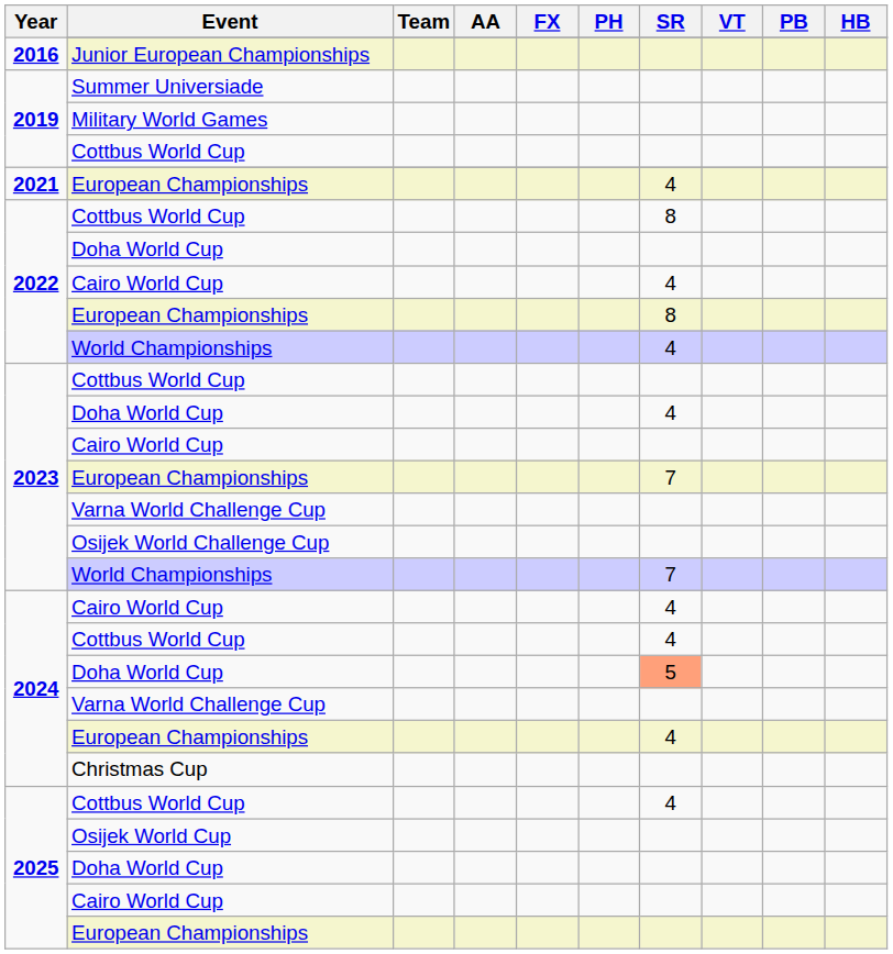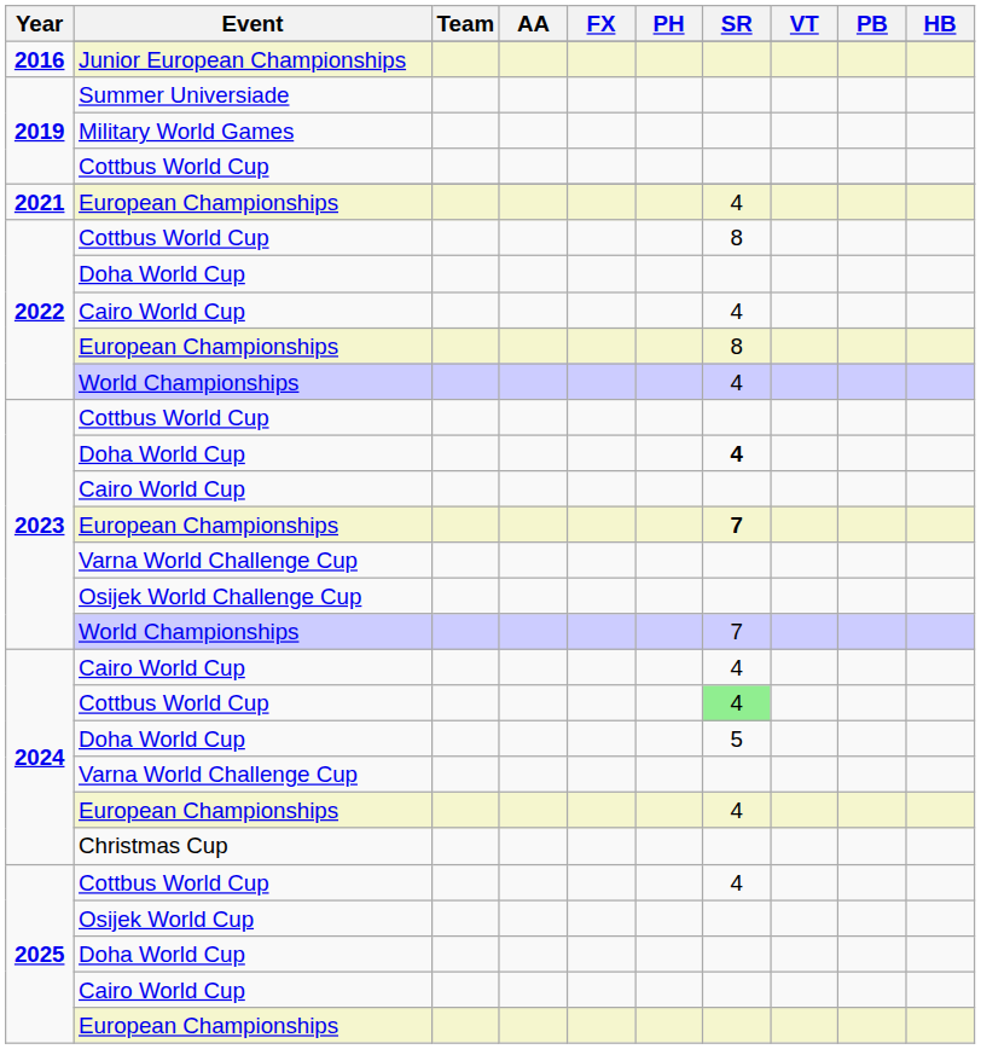 <table class="wikitable sortable" style="text-align:center; font-size:95%;">
 <tr>
 <th width=7% class=unsortable>Year</th>
 <th width=37% class=unsortable>Event</th>
 <th width=7% class=unsortable>Team</th>
 <th width=7% class=unsortable>AA</th>
 <th width=7% class=unsortable><a href='#'>FX</a></th>
 <th width=7% class=unsortable><a href='#'>PH</a></th>
 <th width=7% class=unsortable><a href='#'>SR</a></th>
 <th width=7% class=unsortable><a href='#'>VT</a></th>
 <th width=7% class=unsortable><a href='#'>PB</a></th>
 <th width=7% class=unsortable><a href='#'>HB</a></th>
 </tr>
 <tr>
 <td rowspan="2"><strong><a href='#'>2016</a></strong></td>
 </tr>
 <tr bgcolor=#F5F6CE>
 <td align=left><a href='#'>Junior European Championships</a></td>
 <td></td>
 <td></td>
 <td></td>
 <td></td>
 <td></td>
 <td></td>
 <td></td>
 <td></td>
 </tr>
 <tr>
 <td rowspan="3"><strong><a href='#'>2019</a></strong></td>
 <td align=left><a href='#'>Summer Universiade</a></td>
 <td></td>
 <td></td>
 <td></td>
 <td></td>
 <td></td>
 <td></td>
 <td></td>
 <td></td>
 </tr>
 <tr>
 <td align=left><a href='#'>Military World Games</a></td>
 <td></td>
 <td></td>
 <td></td>
 <td></td>
 <td></td>
 <td></td>
 <td></td>
 <td></td>
 </tr>
 <tr>
 <td align=left><a href='#'>Cottbus World Cup</a></td>
 <td></td>
 <td></td>
 <td></td>
 <td></td>
 <td></td>
 <td></td>
 <td></td>
 <td></td>
 </tr>
 <tr>
 <td rowspan="2"><strong><a href='#'>2021</a></strong></td>
 </tr>
 <tr bgcolor=#F5F6CE>
 <td align=left><a href='#'>European Championships</a></td>
 <td></td>
 <td></td>
 <td></td>
 <td></td>
 <td>4</td>
 <td></td>
 <td></td>
 <td></td>
 </tr>
 <tr>
 <td rowspan="5"><strong><a href='#'>2022</a></strong></td>
 <td align=left><a href='#'>Cottbus World Cup</a></td>
 <td></td>
 <td></td>
 <td></td>
 <td></td>
 <td>8</td>
 <td></td>
 <td></td>
 <td></td>
 </tr>
 <tr>
 <td align=left><a href='#'>Doha World Cup</a></td>
 <td></td>
 <td></td>
 <td></td>
 <td></td>
 <td></td>
 <td></td>
 <td></td>
 <td></td>
 </tr>
 <tr>
 <td align=left><a href='#'>Cairo World Cup</a></td>
 <td></td>
 <td></td>
 <td></td>
 <td></td>
 <td>4</td>
 <td></td>
 <td></td>
 <td></td>
 </tr>
 <tr bgcolor=#F5F6CE>
 <td align=left><a href='#'>European Championships</a></td>
 <td></td>
 <td></td>
 <td></td>
 <td></td>
 <td>8</td>
 <td></td>
 <td></td>
 <td></td>
 </tr>
 <tr bgcolor=#CCCCFF>
 <td align=left><a href='#'>World Championships</a></td>
 <td></td>
 <td></td>
 <td></td>
 <td></td>
 <td>4</td>
 <td></td>
 <td></td>
 <td></td>
 </tr>
 <tr>
 <td rowspan="7"><strong><a href='#'>2023</a></strong></td>
 <td align=left><a href='#'>Cottbus World Cup</a></td>
 <td></td>
 <td></td>
 <td></td>
 <td></td>
 <td></td>
 <td></td>
 <td></td>
 <td></td>
 </tr>
 <tr>
 <td align=left><a href='#'>Doha World Cup</a></td>
 <td></td>
 <td></td>
 <td></td>
 <td></td>
-<td>4</td>
+<td><strong>4</strong></td>
 <td></td>
 <td></td>
 <td></td>
 </tr>
 <tr>
 <td align=left><a href='#'>Cairo World Cup</a></td>
 <td></td>
 <td></td>
 <td></td>
 <td></td>
 <td></td>
 <td></td>
 <td></td>
 <td></td>
 </tr>
 <tr bgcolor=#F5F6CE>
 <td align=left><a href='#'>European Championships</a></td>
 <td></td>
 <td></td>
 <td></td>
 <td></td>
-<td>7</td>
+<td><strong>7</strong></td>
 <td></td>
 <td></td>
 <td></td>
 </tr>
 <tr>
 <td align=left><a href='#'>Varna World Challenge Cup</a></td>
 <td></td>
 <td></td>
 <td></td>
 <td></td>
 <td></td>
 <td></td>
 <td></td>
 <td></td>
 </tr>
 <tr>
 <td align=left><a href='#'>Osijek World Challenge Cup</a></td>
 <td></td>
 <td></td>
 <td></td>
 <td></td>
 <td></td>
 <td></td>
 <td></td>
 <td></td>
 </tr>
 <tr bgcolor=#CCCCFF>
 <td align=left><a href='#'>World Championships</a></td>
 <td></td>
 <td></td>
 <td></td>
 <td></td>
 <td>7</td>
 <td></td>
 <td></td>
 <td></td>
 </tr>
 <tr>
 <td rowspan="6"><strong><a href='#'>2024</a></strong></td>
 <td align=left><a href='#'>Cairo World Cup</a></td>
 <td></td>
 <td></td>
 <td></td>
 <td></td>
 <td>4</td>
 <td></td>
 <td></td>
 <td></td>
 </tr>
 <tr>
 <td align=left><a href='#'>Cottbus World Cup</a></td>
 <td></td>
 <td></td>
 <td></td>
 <td></td>
-<td>4</td>
+<td style="background: lightgreen;">4</td>
 <td></td>
 <td></td>
 <td></td>
 </tr>
 <tr>
 <td align=left><a href='#'>Doha World Cup</a></td>
 <td></td>
 <td></td>
 <td></td>
 <td></td>
-<td style="background: lightsalmon;">5</td>
+<td>5</td>
 <td></td>
 <td></td>
 <td></td>
 </tr>
 <tr>
 <td align=left><a href='#'>Varna World Challenge Cup</a></td>
 <td></td>
 <td></td>
 <td></td>
 <td></td>
 <td></td>
 <td></td>
 <td></td>
 <td></td>
 </tr>
 <tr bgcolor=#F5F6CE>
 <td align=left><a href='#'>European Championships</a></td>
 <td></td>
 <td></td>
 <td></td>
 <td></td>
 <td>4</td>
 <td></td>
 <td></td>
 <td></td>
 </tr>
 <tr>
 <td align=left>Christmas Cup</td>
 <td></td>
 <td></td>
 <td></td>
 <td></td>
 <td></td>
 <td></td>
 <td></td>
 <td></td>
 </tr>
 <tr>
 <td rowspan="5"><strong><a href='#'>2025</a></strong></td>
 <td align=left><a href='#'>Cottbus World Cup</a></td>
 <td></td>
 <td></td>
 <td></td>
 <td></td>
 <td>4</td>
 <td></td>
 <td></td>
 <td></td>
 </tr>
 <tr>
 <td align=left><a href='#'>Osijek World Cup</a></td>
 <td></td>
 <td></td>
 <td></td>
 <td></td>
 <td></td>
 <td></td>
 <td></td>
 <td></td>
 </tr>
 <tr>
 <td align=left><a href='#'>Doha World Cup</a></td>
 <td></td>
 <td></td>
 <td></td>
 <td></td>
 <td></td>
 <td></td>
 <td></td>
 <td></td>
 </tr>
 <tr>
 <td align=left><a href='#'>Cairo World Cup</a></td>
 <td></td>
 <td></td>
 <td></td>
 <td></td>
 <td></td>
 <td></td>
 <td></td>
 <td></td>
 </tr>
 <tr bgcolor=#F5F6CE>
 <td align=left><a href='#'>European Championships</a></td>
 <td></td>
 <td></td>
 <td></td>
 <td></td>
 <td></td>
 <td></td>
 <td></td>
 <td></td>
 </tr>
 </table>
